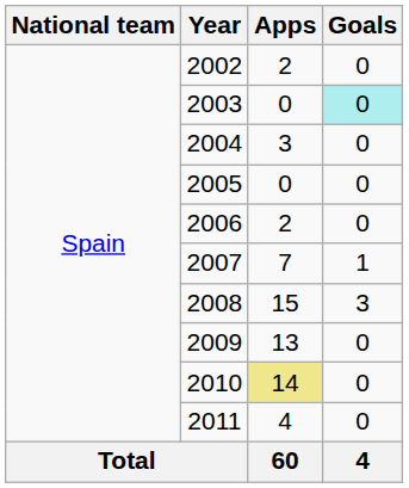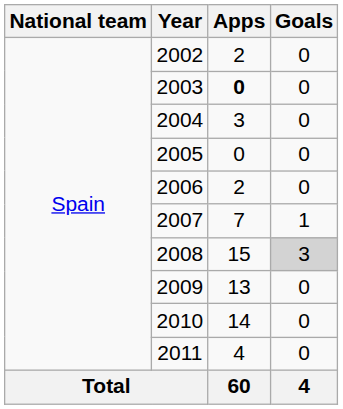 <table class="wikitable" style="text-align:center">
 <tr>
 <th>National team</th>
 <th>Year</th>
 <th>Apps</th>
 <th>Goals</th>
 </tr>
 <tr>
 <td rowspan="10"><a href='#'>Spain</a></td>
 <td>2002</td>
 <td>2</td>
 <td>0</td>
 </tr>
 <tr>
 <td>2003</td>
+<td><strong>0</strong></td>
 <td>0</td>
-<td style="background: paleturquoise;">0</td>
 </tr>
 <tr>
 <td>2004</td>
 <td>3</td>
 <td>0</td>
 </tr>
 <tr>
 <td>2005</td>
 <td>0</td>
 <td>0</td>
 </tr>
 <tr>
 <td>2006</td>
 <td>2</td>
 <td>0</td>
 </tr>
 <tr>
 <td>2007</td>
 <td>7</td>
 <td>1</td>
 </tr>
 <tr>
 <td>2008</td>
 <td>15</td>
-<td>3</td>
+<td style="background: lightgrey;">3</td>
 </tr>
 <tr>
 <td>2009</td>
 <td>13</td>
 <td>0</td>
 </tr>
 <tr>
 <td>2010</td>
-<td style="background: khaki;">14</td>
+<td>14</td>
 <td>0</td>
 </tr>
 <tr>
 <td>2011</td>
 <td>4</td>
 <td>0</td>
 </tr>
 <tr>
 <th colspan="2">Total</th>
 <th>60</th>
 <th>4</th>
 </tr>
 </table>
